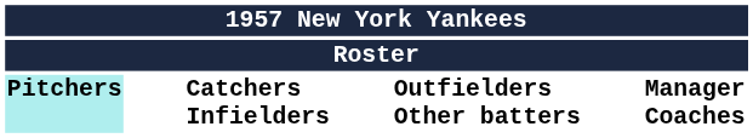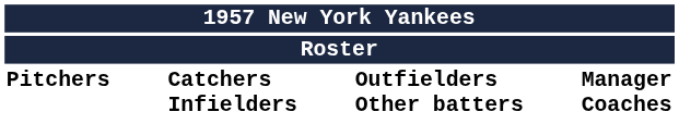 <table class="toccolours" style="font-size: 95%;">
 <tr>
 <th colspan="10" style="background-color: #1c2841; color: white; text-align: center;">1957 New York Yankees</th>
 </tr>
 <tr>
 <td colspan="10" style="background-color: #1c2841; color: white; text-align: center;"><strong>Roster</strong></td>
 </tr>
 <tr>
-<td valign="top" style="background: paleturquoise;"><strong>Pitchers</strong><br>           </td>
+<td valign="top"><strong>Pitchers</strong><br>           </td>
 <td width="25px"></td>
 <td valign="top"><strong>Catchers</strong><br>  <strong>Infielders</strong>        </td>
 <td width="25px"></td>
 <td valign="top"><strong>Outfielders</strong><br>        <strong>Other batters</strong> </td>
 <td width="25px"></td>
 <td valign="top"><strong>Manager</strong><br> <strong>Coaches</strong>    </td>
 </tr>
 </table>
